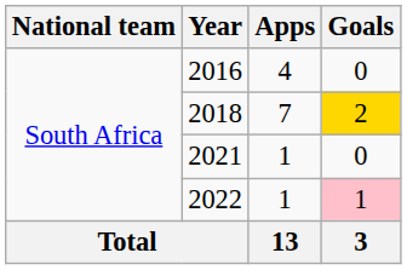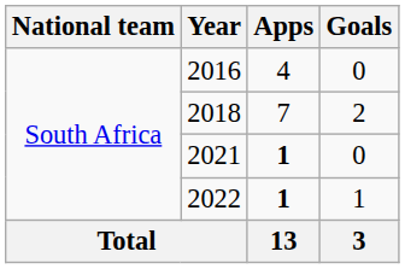 <table class="wikitable" style="text-align:center;">
 <tr>
 <th>National team</th>
 <th>Year</th>
 <th>Apps</th>
 <th>Goals</th>
 </tr>
 <tr>
 <td rowspan="4"><a href='#'>South Africa</a></td>
 <td>2016</td>
 <td>4</td>
 <td>0</td>
 </tr>
 <tr>
 <td>2018</td>
 <td>7</td>
-<td style="background: gold;">2</td>
+<td>2</td>
 </tr>
 <tr>
 <td>2021</td>
-<td>1</td>
+<td><strong>1</strong></td>
 <td>0</td>
 </tr>
 <tr>
 <td>2022</td>
+<td><strong>1</strong></td>
 <td>1</td>
-<td style="background: pink;">1</td>
 </tr>
 <tr>
 <th colspan="2">Total</th>
 <th>13</th>
 <th>3</th>
 </tr>
 </table>
